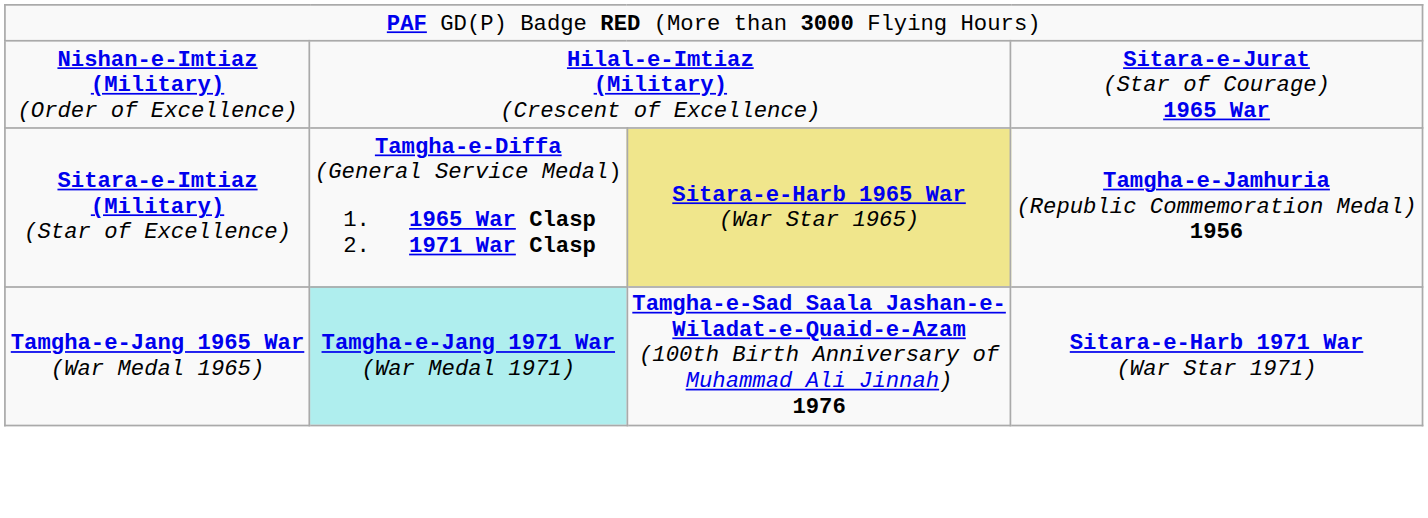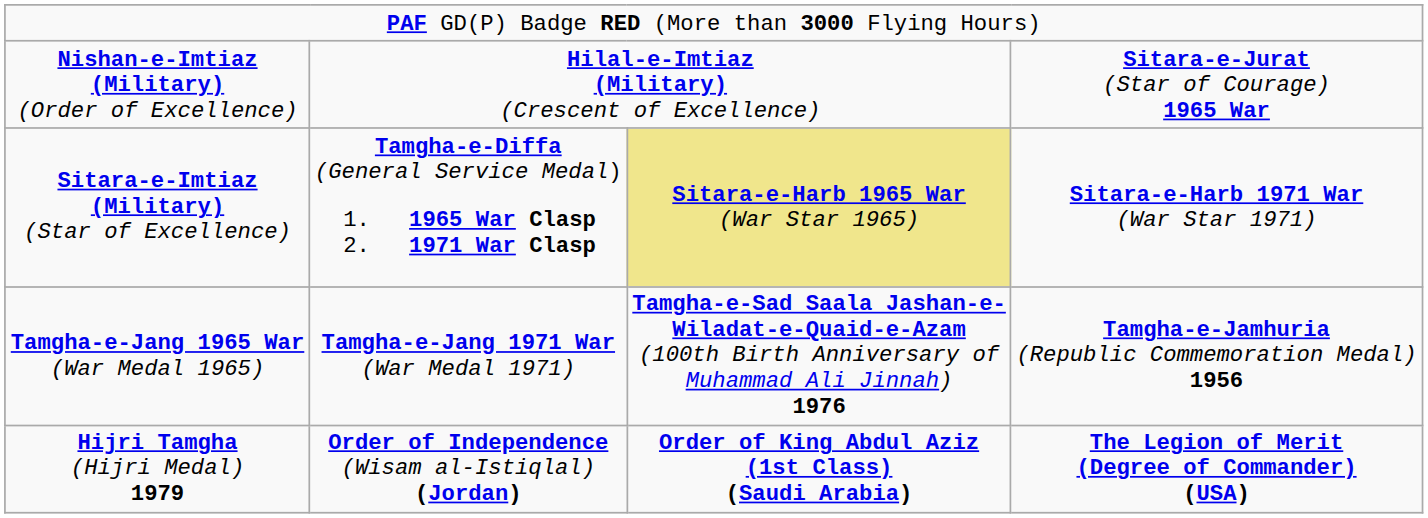 <table class="wikitable" style="margin:1em auto; text-align:center;">
 <tr>
 <td colspan="4"><strong><a href='#'>PAF</a></strong> GD(P) Badge <strong>RED</strong> (More than <strong>3000</strong> Flying Hours)</td>
 </tr>
 <tr>
 <td><strong><a href='#'>Nishan-e-Imtiaz</a></strong><br><strong><a href='#'>(Military)</a></strong><br><em>(Order of Excellence)</em></td>
 <td colspan="2"><strong><a href='#'>Hilal-e-Imtiaz</a></strong><br><strong><a href='#'>(Military)</a></strong><br><em>(Crescent of Excellence)</em></td>
 <td><strong><a href='#'>Sitara-e-Jurat</a></strong><br><em>(Star of Courage)</em><br><strong><a href='#'>1965 War</a></strong></td>
 </tr>
 <tr>
 <td><strong><a href='#'>Sitara-e-Imtiaz</a></strong><br><strong><a href='#'>(Military)</a></strong><br><em>(Star of Excellence)</em></td>
 <td><strong><a href='#'>Tamgha-e-Diffa</a></strong><br><em>(General Service Medal</em>)<ol><li><strong><a href='#'>1965 War</a> Clasp</strong></li><li><strong><a href='#'>1971 War</a> Clasp</strong></li></ol></td>
 <td style="background: khaki;"><strong><a href='#'>Sitara-e-Harb 1965 War</a></strong><br><em>(War Star 1965)</em></td>
+<td><strong><a href='#'>Sitara-e-Harb 1971 War</a></strong><br><em>(War Star 1971)</em></td>
+</tr>
+<tr>
+<td><strong><a href='#'>Tamgha-e-Jang 1965 War</a></strong><br><em>(War Medal 1965)</em></td>
+<td><strong><a href='#'>Tamgha-e-Jang 1971 War</a></strong><br><em>(War Medal 1971)</em></td>
+<td><strong><a href='#'>Tamgha-e-Sad Saala Jashan-e-</a></strong><br><strong><a href='#'>Wiladat-e-Quaid-e-Azam</a></strong><br><em>(100th Birth Anniversary of</em><br><em><a href='#'>Muhammad Ali Jinnah</a>)</em><br><strong>1976</strong></td>
 <td><strong><a href='#'>Tamgha-e-Jamhuria</a></strong><br><em>(Republic Commemoration Medal)</em><br><strong>1956</strong></td>
 </tr>
 <tr>
-<td><strong><a href='#'>Tamgha-e-Jang 1965 War</a></strong><br><em>(War Medal 1965)</em></td>
-<td style="background: paleturquoise;"><strong><a href='#'>Tamgha-e-Jang 1971 War</a></strong><br><em>(War Medal 1971)</em></td>
-<td><strong><a href='#'>Tamgha-e-Sad Saala Jashan-e-</a></strong><br><strong><a href='#'>Wiladat-e-Quaid-e-Azam</a></strong><br><em>(100th Birth Anniversary of</em><br><em><a href='#'>Muhammad Ali Jinnah</a>)</em><br><strong>1976</strong></td>
-<td><strong><a href='#'>Sitara-e-Harb 1971 War</a></strong><br><em>(War Star 1971)</em></td>
+<td><strong><a href='#'>Hijri Tamgha</a></strong><br><em>(Hijri Medal)</em><br><strong>1979</strong></td>
+<td><strong><a href='#'>Order of Independence</a></strong><br><em>(Wisam al-Istiqlal)</em><br><strong>(<a href='#'>Jordan</a>)</strong></td>
+<td><strong><a href='#'>Order of King Abdul Aziz</a></strong><br><strong><a href='#'>(1st Class)</a></strong><br><strong>(<a href='#'>Saudi Arabia</a>)</strong></td>
+<td><strong><a href='#'>The Legion of Merit</a></strong><br><strong><a href='#'>(Degree of Commander)</a></strong><br><strong>(<a href='#'>USA</a>)</strong></td>
 </tr>
 </table>
